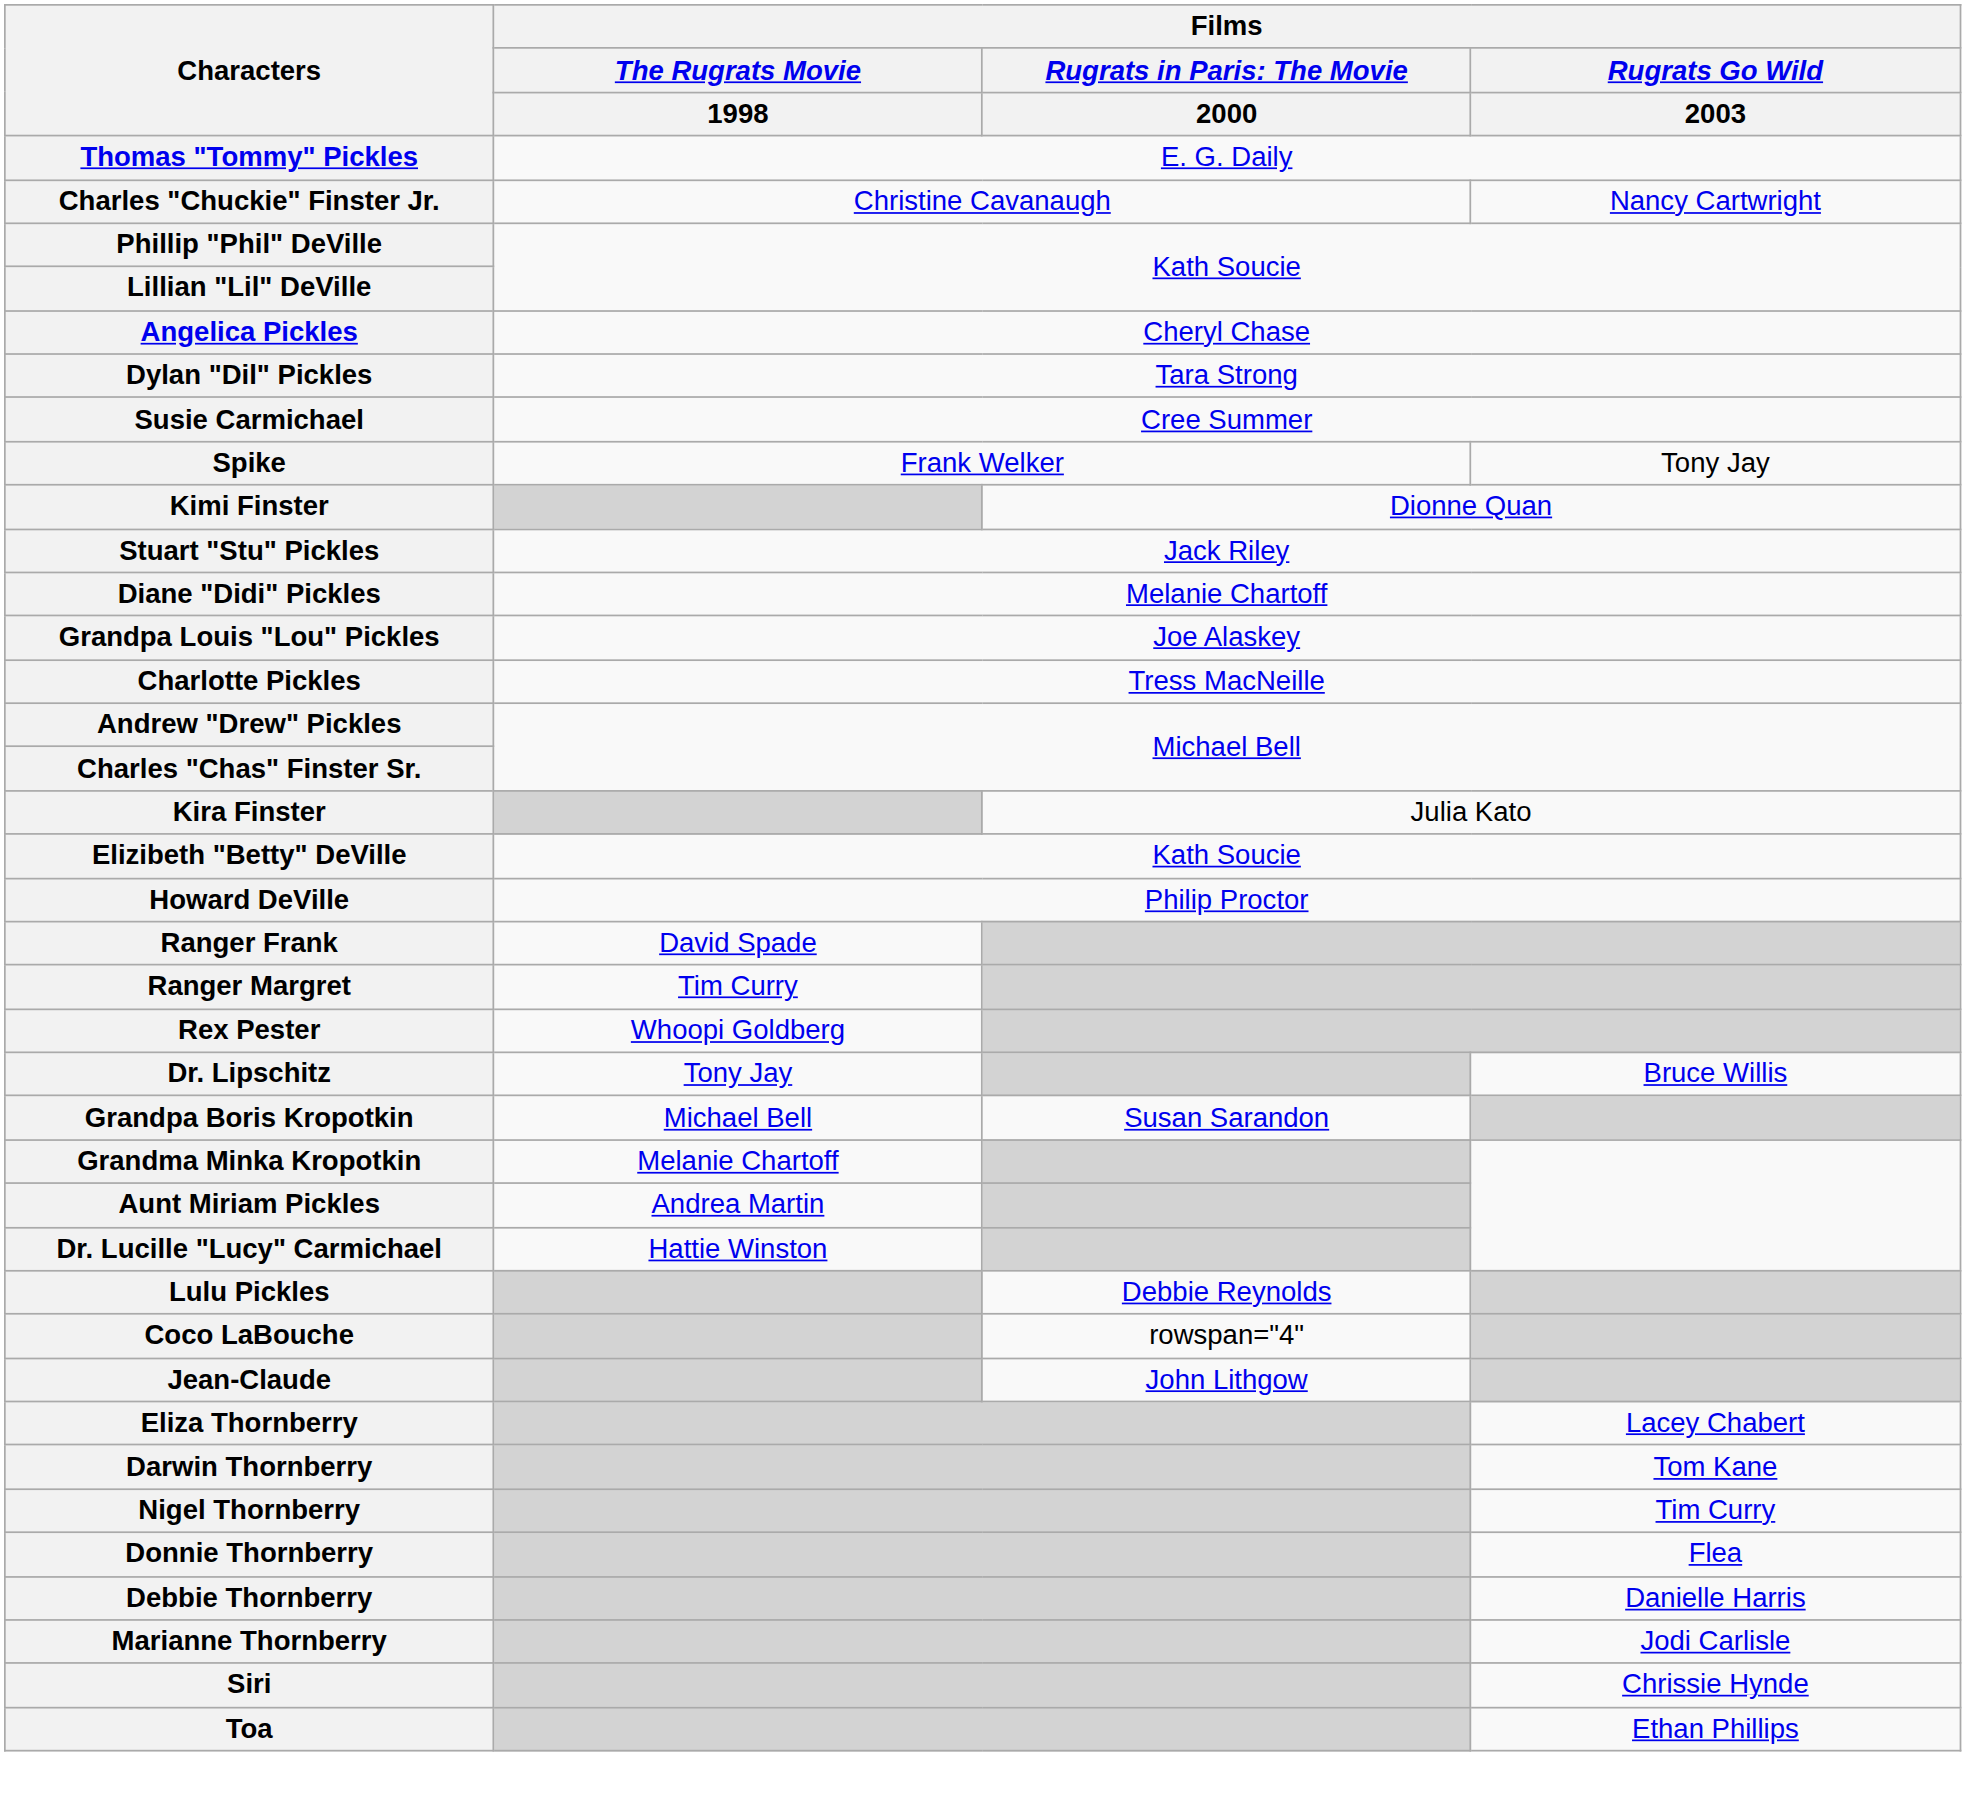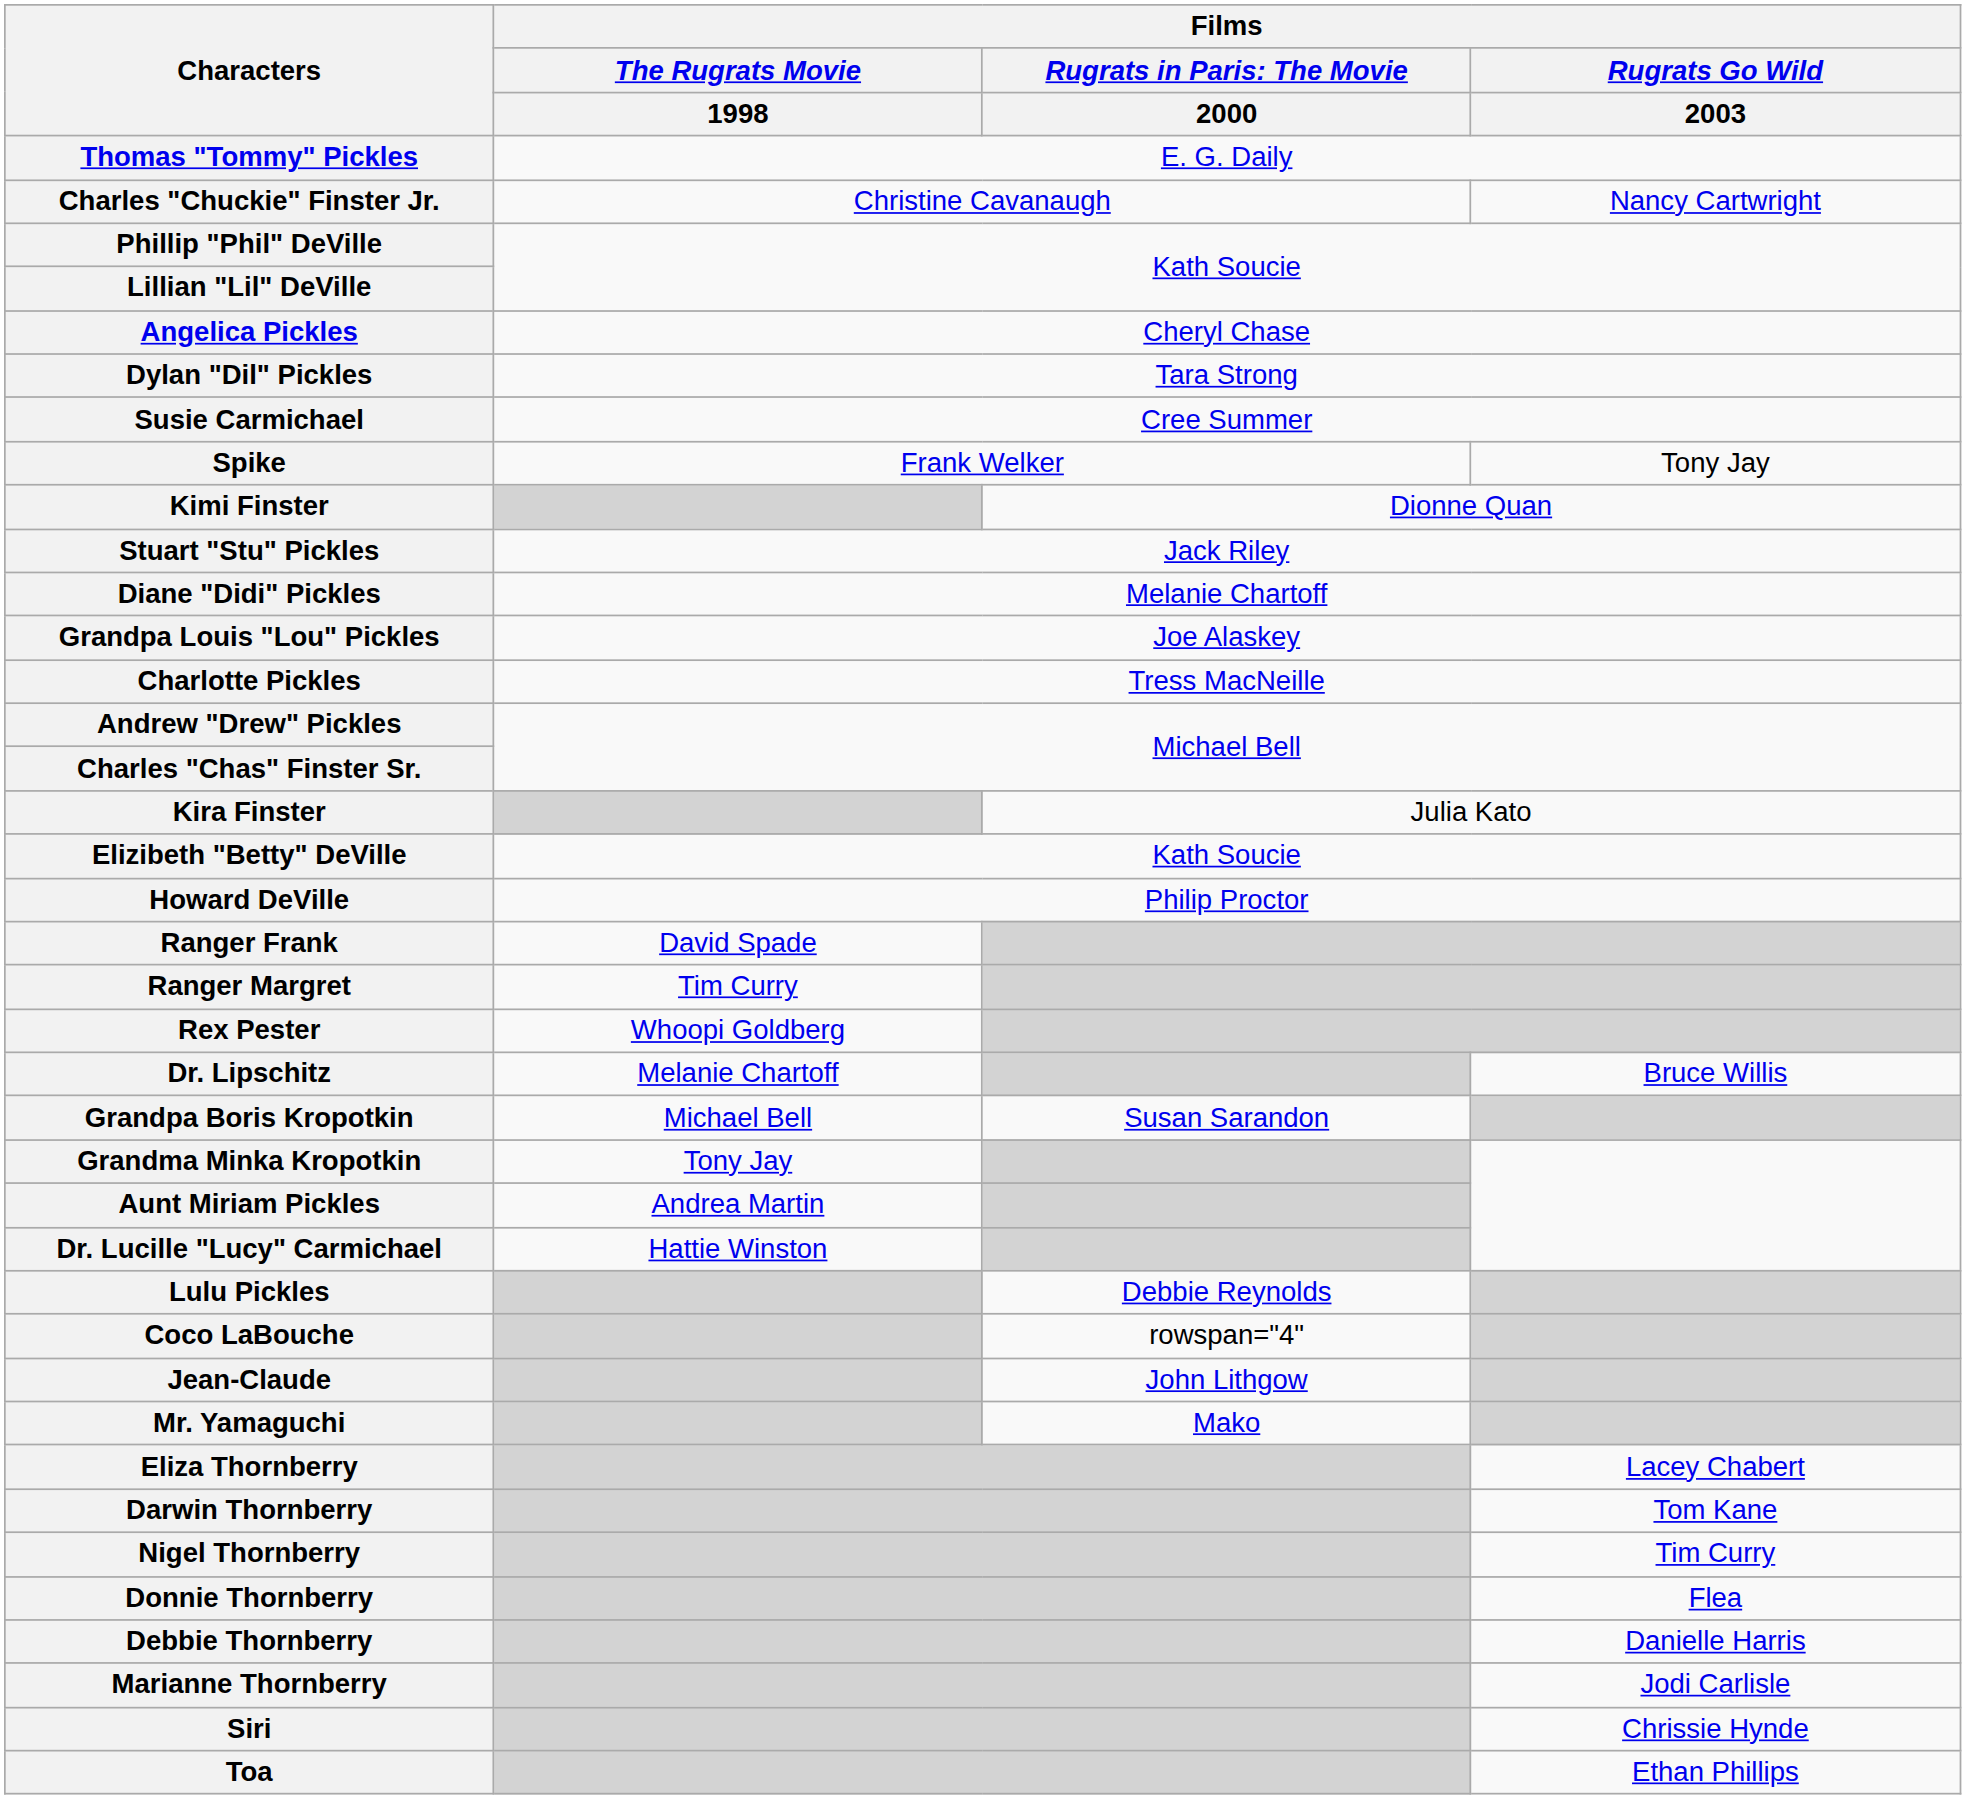 <table class="wikitable" style="text-align:center" width=90%>
 <tr>
 <th rowspan="3" width="10%">Characters</th>
 <th colspan="3" align="center">Films</th>
 </tr>
 <tr>
 <th width="10%"><em><a href='#'>The Rugrats Movie</a></em></th>
 <th width="10%"><em><a href='#'>Rugrats in Paris: The Movie</a></em></th>
 <th width="10%"><em><a href='#'>Rugrats Go Wild</a></em></th>
 </tr>
 <tr>
 <th>1998</th>
 <th>2000</th>
 <th>2003</th>
 </tr>
 <tr>
 <th><a href='#'>Thomas "Tommy" Pickles</a></th>
 <td colspan="3"><a href='#'>E. G. Daily</a></td>
 </tr>
 <tr>
 <th>Charles "Chuckie" Finster Jr.</th>
 <td colspan="2"><a href='#'>Christine Cavanaugh</a></td>
 <td><a href='#'>Nancy Cartwright</a></td>
 </tr>
 <tr>
 <th>Phillip "Phil" DeVille</th>
 <td rowspan="2" colspan="3"><a href='#'>Kath Soucie</a></td>
 </tr>
 <tr>
 <th>Lillian "Lil" DeVille</th>
 </tr>
 <tr>
 <th><a href='#'>Angelica Pickles</a></th>
 <td colspan="3"><a href='#'>Cheryl Chase</a></td>
 </tr>
 <tr>
 <th>Dylan "Dil" Pickles</th>
 <td colspan="3"><a href='#'>Tara Strong</a></td>
 </tr>
 <tr>
 <th>Susie Carmichael</th>
 <td colspan="3"><a href='#'>Cree Summer</a></td>
 </tr>
 <tr>
 <th>Spike</th>
 <td colspan="2"><a href='#'>Frank Welker</a></td>
 <td>Tony Jay</td>
 </tr>
 <tr>
 <th>Kimi Finster</th>
 <td style="background-color:#D3D3D3;"></td>
 <td colspan="2"><a href='#'>Dionne Quan</a></td>
 </tr>
 <tr>
 <th>Stuart "Stu" Pickles</th>
 <td colspan="3"><a href='#'>Jack Riley</a></td>
 </tr>
 <tr>
 <th>Diane "Didi" Pickles</th>
 <td colspan="3"><a href='#'>Melanie Chartoff</a></td>
 </tr>
 <tr>
 <th>Grandpa Louis "Lou" Pickles</th>
 <td colspan="3"><a href='#'>Joe Alaskey</a></td>
 </tr>
 <tr>
 <th>Charlotte Pickles</th>
 <td colspan="3"><a href='#'>Tress MacNeille</a></td>
 </tr>
 <tr>
 <th>Andrew "Drew" Pickles</th>
 <td rowspan="2" colspan="3"><a href='#'>Michael Bell</a></td>
 </tr>
 <tr>
 <th>Charles "Chas" Finster Sr.</th>
 </tr>
 <tr>
 <th>Kira Finster</th>
 <td style="background-color:#D3D3D3;"></td>
 <td colspan="2">Julia Kato</td>
 </tr>
 <tr>
 <th>Elizibeth "Betty" DeVille</th>
 <td colspan="3"><a href='#'>Kath Soucie</a></td>
 </tr>
 <tr>
 <th>Howard DeVille</th>
 <td colspan="3"><a href='#'>Philip Proctor</a></td>
 </tr>
 <tr>
 <th>Ranger Frank</th>
 <td><a href='#'>David Spade</a></td>
 <td colspan="2" style="background-color:#D3D3D3;"></td>
 </tr>
 <tr>
 <th>Ranger Margret</th>
 <td><a href='#'>Tim Curry</a></td>
 <td colspan="2" style="background-color:#D3D3D3;"></td>
 </tr>
 <tr>
 <th>Rex Pester</th>
 <td><a href='#'>Whoopi Goldberg</a></td>
 <td colspan="2" style="background-color:#D3D3D3;"></td>
 </tr>
 <tr>
 <th>Dr. Lipschitz</th>
-<td><a href='#'>Tony Jay</a></td>
+<td><a href='#'>Melanie Chartoff</a></td>
 <td style="background-color:#D3D3D3;"></td>
 <td><a href='#'>Bruce Willis</a></td>
 </tr>
 <tr>
 <th>Grandpa Boris Kropotkin</th>
 <td><a href='#'>Michael Bell</a></td>
 <td><a href='#'>Susan Sarandon</a></td>
 <td style="background-color:#D3D3D3;"></td>
 </tr>
 <tr>
 <th>Grandma Minka Kropotkin</th>
-<td><a href='#'>Melanie Chartoff</a></td>
+<td><a href='#'>Tony Jay</a></td>
 <td style="background-color:#D3D3D3;"></td>
 </tr>
 <tr>
 <th>Aunt Miriam Pickles</th>
 <td><a href='#'>Andrea Martin</a></td>
 <td style="background-color:#D3D3D3;"></td>
 </tr>
 <tr>
 <th>Dr. Lucille "Lucy" Carmichael</th>
 <td><a href='#'>Hattie Winston</a></td>
 <td style="background-color:#D3D3D3;"></td>
 </tr>
 <tr>
 <th>Lulu Pickles</th>
 <td style="background-color:#D3D3D3;"></td>
 <td><a href='#'>Debbie Reynolds</a></td>
 <td style="background-color:#D3D3D3;"></td>
 </tr>
 <tr>
 <th>Coco LaBouche</th>
 <td style="background-color:#D3D3D3;"></td>
 <td>rowspan="4" </td>
 <td style="background-color:#D3D3D3;"></td>
 </tr>
 <tr>
 <th>Jean-Claude</th>
 <td style="background-color:#D3D3D3;"></td>
 <td><a href='#'>John Lithgow</a></td>
+<td style="background-color:#D3D3D3;"></td>
+</tr>
+<tr>
+<th>Mr. Yamaguchi</th>
+<td style="background-color:#D3D3D3;"></td>
+<td><a href='#'>Mako</a></td>
 <td style="background-color:#D3D3D3;"></td>
 </tr>
 <tr>
 <th>Eliza Thornberry</th>
 <td colspan="2" style="background-color:#D3D3D3;"></td>
 <td><a href='#'>Lacey Chabert</a></td>
 </tr>
 <tr>
 <th>Darwin Thornberry</th>
 <td colspan="2" style="background-color:#D3D3D3;"></td>
 <td><a href='#'>Tom Kane</a></td>
 </tr>
 <tr>
 <th>Nigel Thornberry</th>
 <td colspan="2" style="background-color:#D3D3D3;"></td>
 <td><a href='#'>Tim Curry</a></td>
 </tr>
 <tr>
 <th>Donnie Thornberry</th>
 <td colspan="2" style="background-color:#D3D3D3;"></td>
 <td><a href='#'>Flea</a></td>
 </tr>
 <tr>
 <th>Debbie Thornberry</th>
 <td colspan="2" style="background-color:#D3D3D3;"></td>
 <td><a href='#'>Danielle Harris</a></td>
 </tr>
 <tr>
 <th>Marianne Thornberry</th>
 <td colspan="2" style="background-color:#D3D3D3;"></td>
 <td><a href='#'>Jodi Carlisle</a></td>
 </tr>
 <tr>
 <th>Siri</th>
 <td colspan="2" style="background-color:#D3D3D3;"></td>
 <td><a href='#'>Chrissie Hynde</a></td>
 </tr>
 <tr>
 <th>Toa</th>
 <td colspan="2" style="background-color:#D3D3D3;"></td>
 <td><a href='#'>Ethan Phillips</a></td>
 </tr>
 </table>
